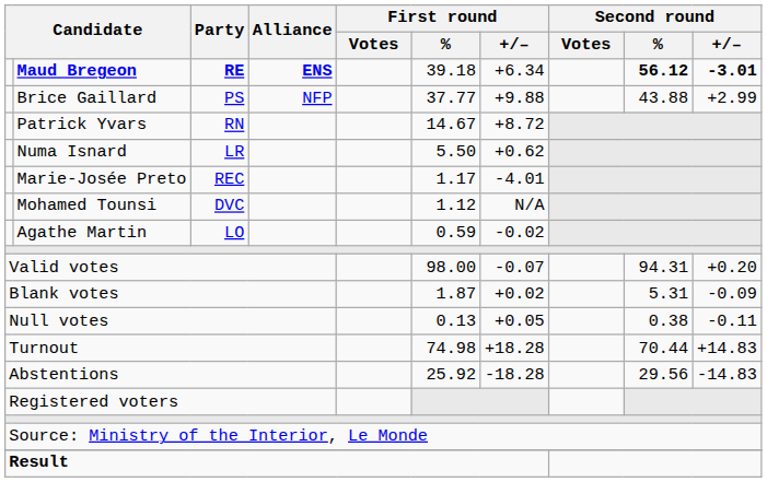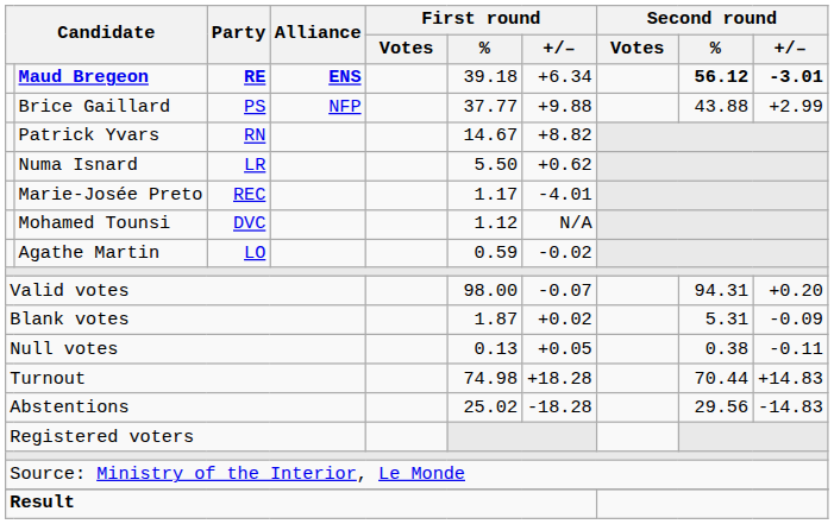 <table class="wikitable" style="text-align:right;font-size:95%;">
 <tr>
 <th rowspan="2" colspan="2">Candidate</th>
 <th rowspan="2">Party</th>
 <th rowspan="2">Alliance</th>
 <th colspan="3">First round</th>
 <th colspan="3">Second round</th>
 </tr>
 <tr>
 <th style="width:50px;">Votes</th>
 <th style="width:45px;">%</th>
 <th style="width:45px;">+/–</th>
 <th style="width:50px;">Votes</th>
 <th style="width:45px;">%</th>
 <th style="width:45px;">+/–</th>
 </tr>
 <tr>
 <td style="color:inherit;background:"></td>
 <td style="text-align:left;"><strong><a href='#'>Maud Bregeon</a></strong></td>
 <td><a href='#'><strong>RE</strong></a></td>
 <td><a href='#'><strong>ENS</strong></a></td>
 <td></td>
 <td>39.18</td>
 <td>+6.34</td>
 <td><strong></strong></td>
 <td><strong>56.12</strong></td>
 <td><strong>-3.01</strong></td>
 </tr>
 <tr>
 <td style="color:inherit;background:"></td>
 <td style="text-align:left;">Brice Gaillard</td>
 <td><a href='#'>PS</a></td>
 <td><a href='#'>NFP</a></td>
 <td></td>
 <td>37.77</td>
 <td>+9.88</td>
 <td></td>
 <td>43.88</td>
 <td>+2.99</td>
 </tr>
 <tr>
 <td style="color:inherit;background:"></td>
 <td style="text-align:left;">Patrick Yvars</td>
 <td><a href='#'>RN</a></td>
 <td></td>
 <td></td>
 <td>14.67</td>
-<td>+8.72</td>
+<td>+8.82</td>
 <td colspan="3" style="background:#E9E9E9;"></td>
 </tr>
 <tr>
 <td style="color:inherit;background:"></td>
 <td style="text-align:left;">Numa Isnard</td>
 <td><a href='#'>LR</a></td>
 <td></td>
 <td></td>
 <td>5.50</td>
 <td>+0.62</td>
 <td colspan="3" style="background:#E9E9E9;"></td>
 </tr>
 <tr>
 <td style="color:inherit;background:"></td>
 <td style="text-align:left;">Marie-Josée Preto</td>
 <td><a href='#'>REC</a></td>
 <td></td>
 <td></td>
 <td>1.17</td>
 <td>-4.01</td>
 <td colspan="3" style="background:#E9E9E9;"></td>
 </tr>
 <tr>
 <td style="color:inherit;background:"></td>
 <td style="text-align:left;">Mohamed Tounsi</td>
 <td><a href='#'>DVC</a></td>
 <td></td>
 <td></td>
 <td>1.12</td>
 <td>N/A</td>
 <td colspan="3" style="background:#E9E9E9;"></td>
 </tr>
 <tr>
 <td style="color:inherit;background:"></td>
 <td style="text-align:left;">Agathe Martin</td>
 <td><a href='#'>LO</a></td>
 <td></td>
 <td></td>
 <td>0.59</td>
 <td>-0.02</td>
 <td colspan="3" style="background:#E9E9E9;"></td>
 </tr>
 <tr>
 <td colspan="10" style="background:#E9E9E9;"></td>
 </tr>
 <tr>
 <td colspan="4" style="text-align:left;">Valid votes</td>
 <td></td>
 <td>98.00</td>
 <td>-0.07</td>
 <td></td>
 <td>94.31</td>
 <td>+0.20</td>
 </tr>
 <tr>
 <td colspan="4" style="text-align:left;">Blank votes</td>
 <td></td>
 <td>1.87</td>
 <td>+0.02</td>
 <td></td>
 <td>5.31</td>
 <td>-0.09</td>
 </tr>
 <tr>
 <td colspan="4" style="text-align:left;">Null votes</td>
 <td></td>
 <td>0.13</td>
 <td>+0.05</td>
 <td></td>
 <td>0.38</td>
 <td>-0.11</td>
 </tr>
 <tr>
 <td colspan="4" style="text-align:left;">Turnout</td>
 <td></td>
 <td>74.98</td>
 <td>+18.28</td>
 <td></td>
 <td>70.44</td>
 <td>+14.83</td>
 </tr>
 <tr>
 <td colspan="4" style="text-align:left;">Abstentions</td>
 <td></td>
-<td>25.92</td>
+<td>25.02</td>
 <td>-18.28</td>
 <td></td>
 <td>29.56</td>
 <td>-14.83</td>
 </tr>
 <tr>
 <td colspan="4" style="text-align:left;">Registered voters</td>
 <td></td>
 <td colspan="2" style="background:#E9E9E9;"></td>
 <td></td>
 <td colspan="2" style="background:#E9E9E9;"></td>
 </tr>
 <tr>
 <td colspan="10" style="background:#E9E9E9;"></td>
 </tr>
 <tr>
 <td colspan="10" style="text-align:left;">Source: <a href='#'>Ministry of the Interior</a>, <a href='#'>Le Monde</a></td>
 </tr>
 <tr>
 </tr>
 <tr style="font-weight:bold">
 <td colspan="7" style="text-align:left;">Result</td>
 <td colspan="7" style="background-color:"></td>
 </tr>
 </table>
